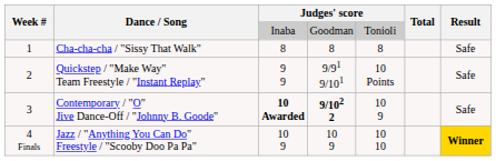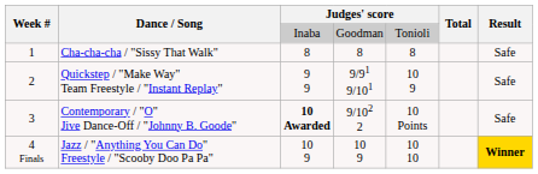 <table class="wikitable" style="text-align:center;">
 <tr style="text-align:center;">
 <th rowspan="2" bgcolor="#CCCCCC" align="Center">Week #</th>
 <th rowspan="2" bgcolor="#CCCCCC" align="Center">Dance / Song</th>
 <th colspan="3" bgcolor="#CCCCCC" align="Center">Judges' score</th>
 <th rowspan="2" bgcolor="#CCCCCC" align="Center">Total</th>
 <th rowspan="2" bgcolor="#CCCCCC" align="Center">Result</th>
 </tr>
 <tr>
 <td bgcolor="#CCCCCC" width="10%" align="center">Inaba</td>
 <td bgcolor="#CCCCCC" width="10%" align="center">Goodman</td>
 <td bgcolor="#CCCCCC" width="10%" align="center">Tonioli</td>
 </tr>
 <tr>
 <td bgcolor="#FAF6F6">1</td>
 <td align="left" bgcolor="#FAF6F6"><a href='#'>Cha-cha-cha</a> / "Sissy That Walk"</td>
 <td bgcolor="#FAF6F6">8</td>
 <td bgcolor="#FAF6F6">8</td>
 <td bgcolor="#FAF6F6">8</td>
 <td bgcolor="#FAF6F6"></td>
 <td bgcolor="#FAF6F6">Safe</td>
 </tr>
 <tr>
 <td bgcolor="#FAF6F6">2</td>
 <td align="left" bgcolor="#FAF6F6"><a href='#'>Quickstep</a> / "Make Way"<br>Team Freestyle / "<a href='#'>Instant Replay</a>"</td>
 <td bgcolor="#FAF6F6">9<br>9</td>
 <td bgcolor="#FAF6F6">9/9<sup>1</sup><br>9/10<sup>1</sup></td>
-<td bgcolor="#FAF6F6">10<br>Points</td>
+<td bgcolor="#FAF6F6">10<br>9</td>
 <td bgcolor="#FAF6F6"><br></td>
 <td bgcolor="#FAF6F6">Safe</td>
 </tr>
 <tr>
 <td bgcolor="#FAF6F6">3</td>
 <td align="left" bgcolor="#FAF6F6"><a href='#'>Contemporary</a> / "<a href='#'>O</a>"<br><a href='#'>Jive</a> Dance-Off / "<a href='#'>Johnny B. Goode</a>"</td>
 <td bgcolor="#FAF6F6"><strong>10<br>Awarded</strong></td>
-<td bgcolor="#FAF6F6"><strong>9/10<sup>2</sup><br>2</strong></td>
-<td bgcolor="#FAF6F6">10<br>9</td>
+<td bgcolor="#FAF6F6">9/10<sup>2</sup><br>2</td>
+<td bgcolor="#FAF6F6">10<br>Points</td>
 <td bgcolor="#FAF6F6"><br></td>
 <td bgcolor="#FAF6F6">Safe</td>
 </tr>
 <tr>
 <td bgcolor="FAF6F6">4<br><small>Finals</small></td>
 <td align="left" bgcolor="FAF6F6"><a href='#'>Jazz</a> / "<a href='#'>Anything You Can Do</a>"<br><a href='#'>Freestyle</a> / "Scooby Doo Pa Pa"</td>
 <td bgcolor="FAF6F6">10<br>9</td>
 <td bgcolor="FAF6F6">10<br>9</td>
 <td bgcolor="FAF6F6">10<br>10</td>
 <td bgcolor="FAF6F6"><br></td>
 <th style="background:gold;"><strong>Winner</strong></th>
 </tr>
 </table>
